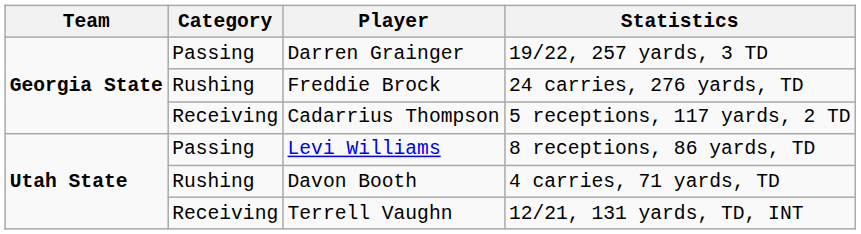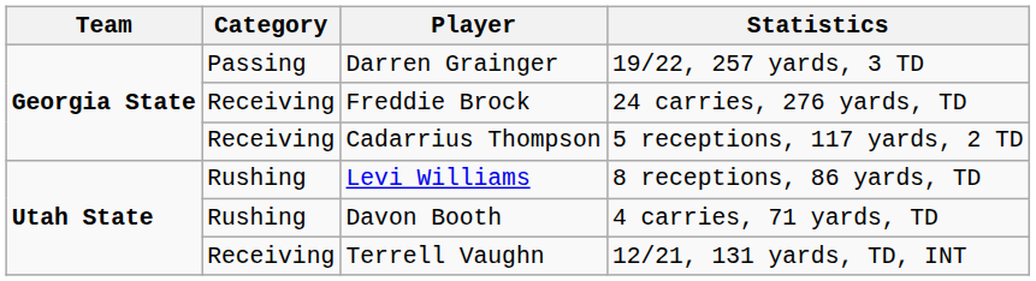 <table class="wikitable" style="float: right;">
 <tr>
 <th>Team</th>
 <th>Category</th>
 <th>Player</th>
 <th>Statistics</th>
 </tr>
 <tr>
 <td rowspan=3><strong>Georgia State</strong></td>
 <td>Passing</td>
 <td>Darren Grainger</td>
 <td>19/22, 257 yards, 3 TD</td>
 </tr>
 <tr>
-<td>Rushing</td>
+<td>Receiving</td>
 <td>Freddie Brock</td>
 <td>24 carries, 276 yards, TD</td>
 </tr>
 <tr>
 <td>Receiving</td>
 <td>Cadarrius Thompson</td>
 <td>5 receptions, 117 yards, 2 TD</td>
 </tr>
 <tr>
 <td rowspan=3><strong>Utah State</strong></td>
-<td>Passing</td>
+<td>Rushing</td>
 <td><a href='#'>Levi Williams</a></td>
 <td>8 receptions, 86 yards, TD</td>
 </tr>
 <tr>
 <td>Rushing</td>
 <td>Davon Booth</td>
 <td>4 carries, 71 yards, TD</td>
 </tr>
 <tr>
 <td>Receiving</td>
 <td>Terrell Vaughn</td>
 <td>12/21, 131 yards, TD, INT</td>
 </tr>
 </table>
